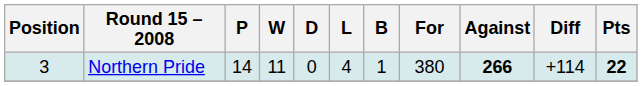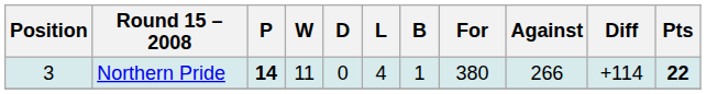 <table class="wikitable" style="text-align:center; font-size:85%;">
 <tr>
 <th width=40 abbr="Position">Position</th>
 <th width=100>Round 15 – 2008</th>
 <th width=20 abbr="Played">P</th>
 <th width=20 abbr="Won">W</th>
 <th width=20 abbr="Drawn">D</th>
 <th width=20 abbr="Lost">L</th>
 <th width=20 abbr="Bye">B</th>
 <th width=40 abbr="Points for">For</th>
 <th width=40 abbr="Points against">Against</th>
 <th width=40 abbr="Points difference">Diff</th>
 <th width=25 abbr="Points">Pts</th>
 </tr>
 <tr style="background: #d7ebed;">
 <td>3</td>
 <td style="text-align:left;"> <a href='#'>Northern Pride</a></td>
-<td>14</td>
+<td><strong>14</strong></td>
 <td>11</td>
 <td>0</td>
 <td>4</td>
 <td>1</td>
 <td>380</td>
-<td><strong>266</strong></td>
+<td>266</td>
 <td>+114</td>
 <td><strong>22</strong></td>
 </tr>
 <tr>
 </tr>
 </table>
